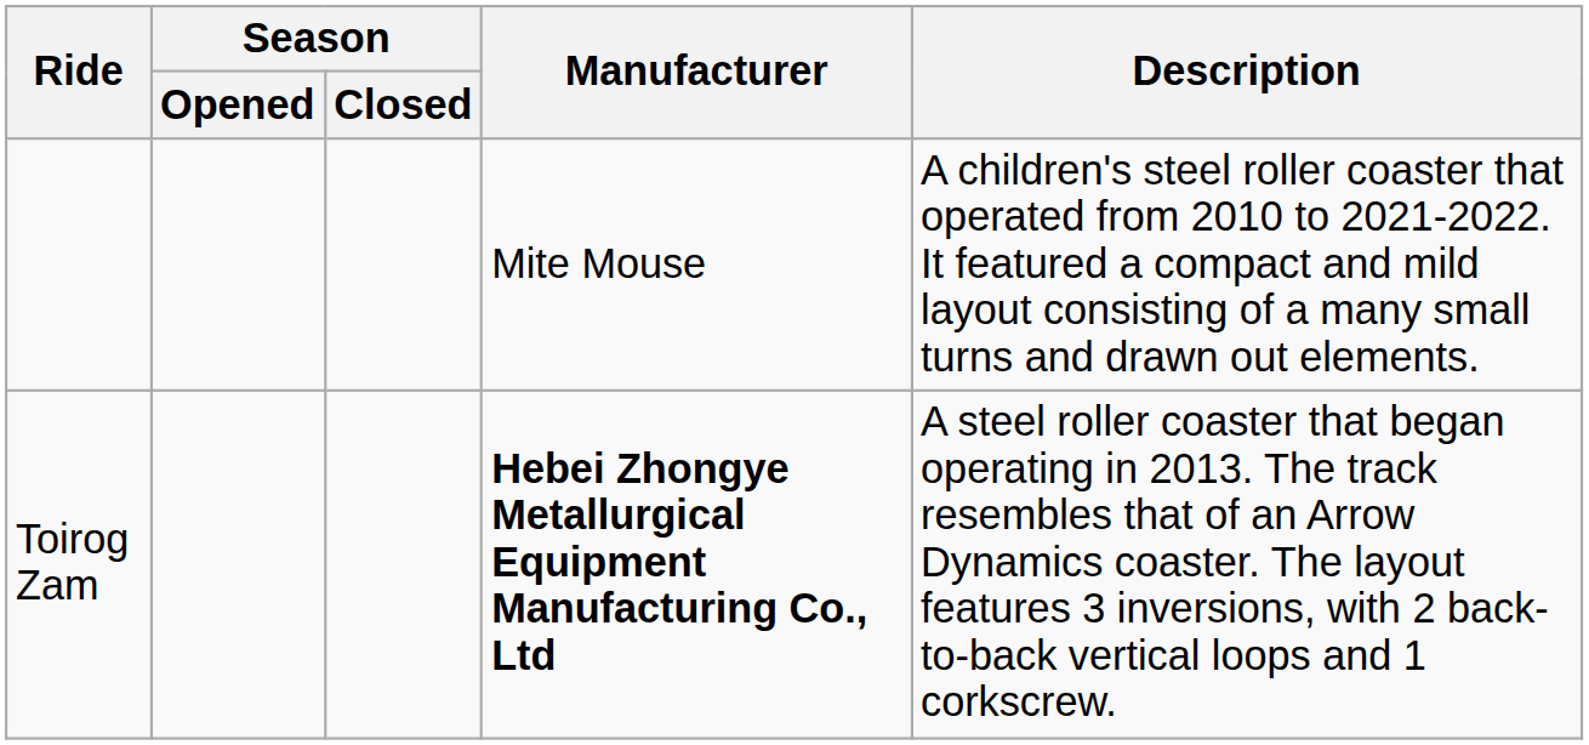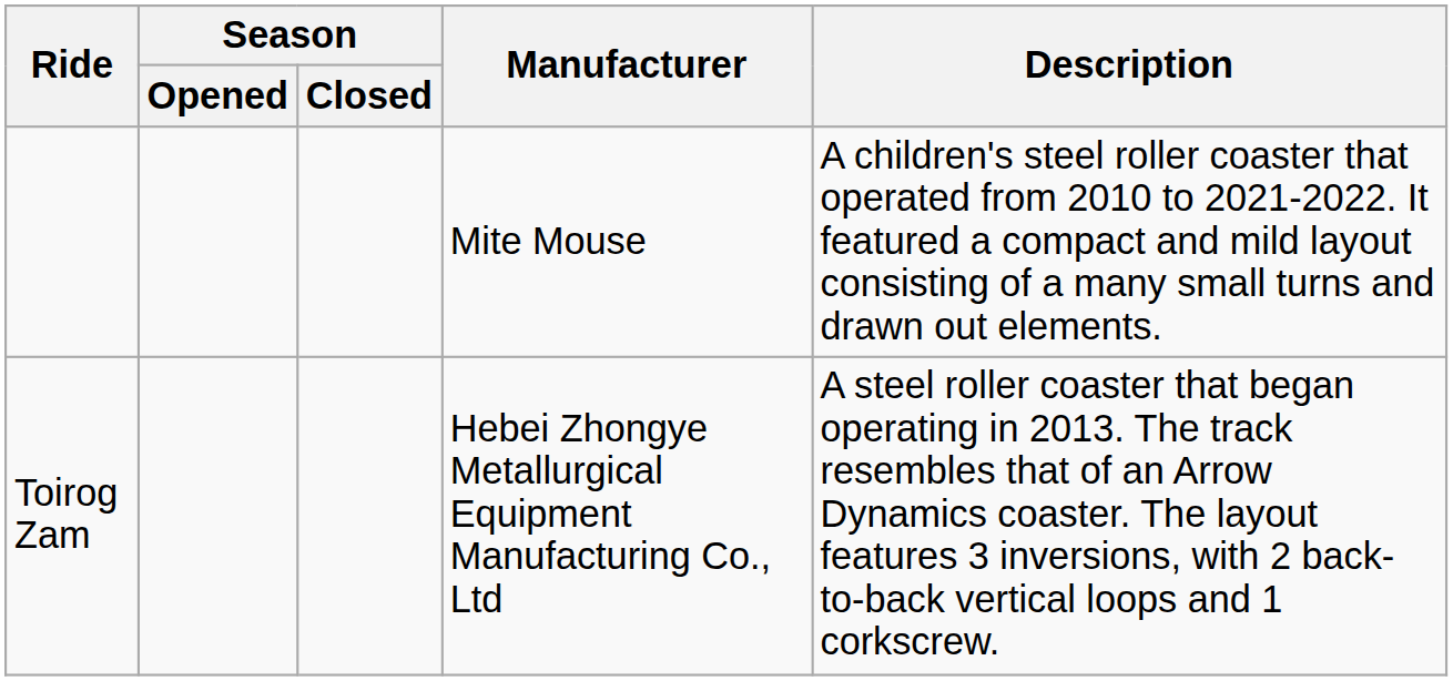 <table class="wikitable sortable">
 <tr>
 <th rowspan=2>Ride</th>
 <th colspan=2>Season</th>
 <th rowspan=2>Manufacturer</th>
 <th rowspan=2>Description</th>
 </tr>
 <tr>
 <th>Opened</th>
 <th>Closed</th>
 </tr>
 <tr>
 <td></td>
 <td></td>
 <td></td>
 <td>Mite Mouse</td>
 <td>A children's steel roller coaster that operated from 2010 to 2021-2022. It featured a compact and mild layout consisting of a many small turns and drawn out elements.</td>
 </tr>
 <tr>
 <td>Toirog Zam</td>
 <td></td>
 <td></td>
-<td><strong>Hebei Zhongye Metallurgical Equipment Manufacturing Co., Ltd</strong></td>
+<td>Hebei Zhongye Metallurgical Equipment Manufacturing Co., Ltd</td>
 <td>A steel roller coaster that began operating in 2013. The track resembles that of an Arrow Dynamics coaster. The layout features 3 inversions, with 2 back-to-back vertical loops and 1 corkscrew.</td>
 </tr>
 </table>
